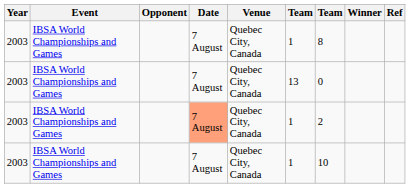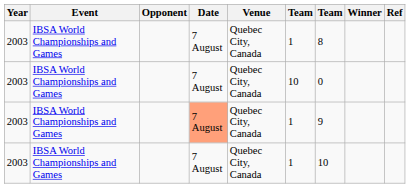 <table class="wikitable">
 <tr>
 <th>Year</th>
 <th>Event</th>
 <th>Opponent</th>
 <th>Date</th>
 <th>Venue</th>
 <th>Team</th>
 <th>Team</th>
 <th>Winner</th>
 <th>Ref</th>
 </tr>
 <tr --->
 <td>2003</td>
 <td><a href='#'>IBSA World Championships and Games</a></td>
 <td></td>
 <td>7 August</td>
 <td>Quebec City, Canada</td>
 <td>1</td>
 <td>8</td>
 <td></td>
 <td></td>
 </tr>
 <tr --->
 <td>2003</td>
 <td><a href='#'>IBSA World Championships and Games</a></td>
 <td></td>
 <td>7 August</td>
 <td>Quebec City, Canada</td>
-<td>13</td>
+<td>10</td>
 <td>0</td>
 <td></td>
 <td></td>
 </tr>
 <tr --->
 <td>2003</td>
 <td><a href='#'>IBSA World Championships and Games</a></td>
 <td></td>
 <td style="background: lightsalmon;">7 August</td>
 <td>Quebec City, Canada</td>
 <td>1</td>
-<td>2</td>
+<td>9</td>
 <td></td>
 <td></td>
 </tr>
 <tr --->
 <td>2003</td>
 <td><a href='#'>IBSA World Championships and Games</a></td>
 <td></td>
 <td>7 August</td>
 <td>Quebec City, Canada</td>
 <td>1</td>
 <td>10</td>
 <td></td>
 <td></td>
 </tr>
 </table>
